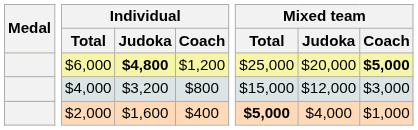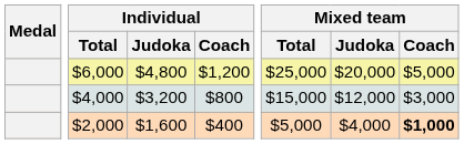 <table class=wikitable style="border: none; background: none; text-align:center;">
 <tr>
 <th rowspan=2>Medal</th>
 <td rowspan=5 style="width:1; border: none; background: none;"></td>
 <th colspan=3>Individual</th>
 <td rowspan=5 style="width:1; border: none; background: none;"></td>
 <th colspan=3>Mixed team</th>
 </tr>
 <tr>
 <th>Total</th>
 <th>Judoka</th>
 <th>Coach</th>
 <th>Total</th>
 <th>Judoka</th>
 <th>Coach</th>
 </tr>
 <tr bgcolor=F7F6A8>
 <th></th>
 <td>$6,000</td>
-<td><strong>$4,800</strong></td>
+<td>$4,800</td>
 <td>$1,200</td>
 <td>$25,000</td>
 <td>$20,000</td>
-<td><strong>$5,000</strong></td>
+<td>$5,000</td>
 </tr>
 <tr bgcolor=DCE5E5>
 <th></th>
 <td>$4,000</td>
 <td>$3,200</td>
 <td>$800</td>
 <td>$15,000</td>
 <td>$12,000</td>
 <td>$3,000</td>
 </tr>
 <tr bgcolor=FFDAB9>
 <th></th>
 <td>$2,000</td>
 <td>$1,600</td>
 <td>$400</td>
-<td><strong>$5,000</strong></td>
+<td>$5,000</td>
 <td>$4,000</td>
-<td>$1,000</td>
+<td><strong>$1,000</strong></td>
 </tr>
 </table>
